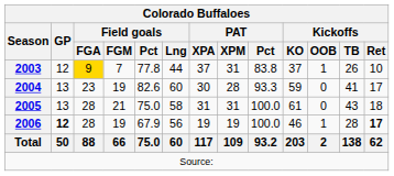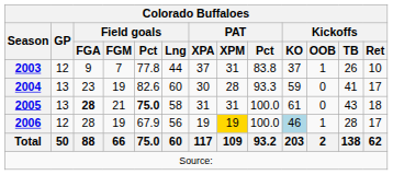 <table class="wikitable" style="text-align: center;">
 <tr>
 <th colspan="13">Colorado Buffaloes</th>
 </tr>
 <tr>
 <th rowspan="2">Season</th>
 <th rowspan="2">GP</th>
 <th colspan="4">Field goals</th>
 <th colspan="3">PAT</th>
 <th colspan="4">Kickoffs</th>
 </tr>
 <tr>
 <th>FGA</th>
 <th>FGM</th>
 <th>Pct</th>
 <th>Lng</th>
 <th>XPA</th>
 <th>XPM</th>
 <th>Pct</th>
 <th>KO</th>
 <th>OOB</th>
 <th>TB</th>
 <th>Ret</th>
 </tr>
 <tr>
 <th><a href='#'>2003</a></th>
 <td>12</td>
-<td style="background: gold;">9</td>
+<td>9</td>
 <td>7</td>
 <td>77.8</td>
 <td>44</td>
 <td>37</td>
 <td>31</td>
 <td>83.8</td>
 <td>37</td>
 <td>1</td>
 <td>26</td>
 <td>10</td>
 </tr>
 <tr>
 <th><a href='#'>2004</a></th>
 <td>13</td>
 <td>23</td>
 <td>19</td>
 <td>82.6</td>
 <td>60</td>
 <td>30</td>
 <td>28</td>
 <td>93.3</td>
 <td>59</td>
 <td>0</td>
 <td>41</td>
 <td>17</td>
 </tr>
 <tr>
 <th><a href='#'>2005</a></th>
 <td>13</td>
-<td>28</td>
+<td><strong>28</strong></td>
 <td>21</td>
-<td>75.0</td>
+<td><strong>75.0</strong></td>
 <td>58</td>
 <td>31</td>
 <td>31</td>
 <td>100.0</td>
 <td>61</td>
 <td>0</td>
 <td>43</td>
 <td>18</td>
 </tr>
 <tr>
 <th><a href='#'>2006</a></th>
-<td><strong>12</strong></td>
+<td>12</td>
 <td>28</td>
 <td>19</td>
 <td>67.9</td>
 <td>56</td>
 <td>19</td>
-<td>19</td>
+<td style="background: gold;">19</td>
 <td>100.0</td>
-<td>46</td>
+<td style="background: lightblue;">46</td>
 <td>1</td>
 <td>28</td>
-<td><strong>17</strong></td>
+<td>17</td>
 </tr>
 <tr>
 <th>Total</th>
 <th>50</th>
 <th>88</th>
 <th>66</th>
 <th>75.0</th>
 <th>60</th>
 <th>117</th>
 <th>109</th>
 <th>93.2</th>
 <th>203</th>
 <th>2</th>
 <th>138</th>
 <th>62</th>
 </tr>
 <tr>
 <td colspan="13"><small>Source: </small></td>
 </tr>
 </table>
